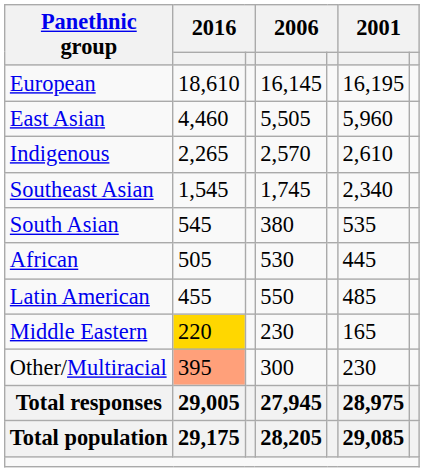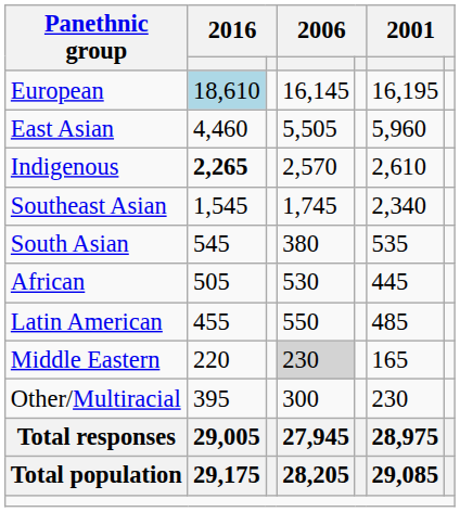 <table class="wikitable sortable">
 <tr>
 <th rowspan="2"><a href='#'>Panethnic</a><br>group</th>
 <th colspan="2">2016</th>
 <th colspan="2">2006</th>
 <th colspan="2">2001</th>
 </tr>
 <tr>
 <th><a href='#'></a></th>
 <th></th>
 <th></th>
 <th></th>
 <th></th>
 <th></th>
 </tr>
 <tr>
 <td><a href='#'>European</a></td>
-<td>18,610</td>
+<td style="background: lightblue;">18,610</td>
 <td></td>
 <td>16,145</td>
 <td></td>
 <td>16,195</td>
 <td></td>
 </tr>
 <tr>
 <td><a href='#'>East Asian</a></td>
 <td>4,460</td>
 <td></td>
 <td>5,505</td>
 <td></td>
 <td>5,960</td>
 <td></td>
 </tr>
 <tr>
 <td><a href='#'>Indigenous</a></td>
-<td>2,265</td>
+<td><strong>2,265</strong></td>
 <td></td>
 <td>2,570</td>
 <td></td>
 <td>2,610</td>
 <td></td>
 </tr>
 <tr>
 <td><a href='#'>Southeast Asian</a></td>
 <td>1,545</td>
 <td></td>
 <td>1,745</td>
 <td></td>
 <td>2,340</td>
 <td></td>
 </tr>
 <tr>
 <td><a href='#'>South Asian</a></td>
 <td>545</td>
 <td></td>
 <td>380</td>
 <td></td>
 <td>535</td>
 <td></td>
 </tr>
 <tr>
 <td><a href='#'>African</a></td>
 <td>505</td>
 <td></td>
 <td>530</td>
 <td></td>
 <td>445</td>
 <td></td>
 </tr>
 <tr>
 <td><a href='#'>Latin American</a></td>
 <td>455</td>
 <td></td>
 <td>550</td>
 <td></td>
 <td>485</td>
 <td></td>
 </tr>
 <tr>
 <td><a href='#'>Middle Eastern</a></td>
-<td style="background: gold;">220</td>
+<td>220</td>
 <td></td>
-<td>230</td>
+<td style="background: lightgrey;">230</td>
 <td></td>
 <td>165</td>
 <td></td>
 </tr>
 <tr>
 <td>Other/<a href='#'>Multiracial</a></td>
-<td style="background: lightsalmon;">395</td>
+<td>395</td>
 <td></td>
 <td>300</td>
 <td></td>
 <td>230</td>
 <td></td>
 </tr>
 <tr>
 <th>Total responses</th>
 <th>29,005</th>
 <th></th>
 <th>27,945</th>
 <th></th>
 <th>28,975</th>
 <th></th>
 </tr>
 <tr>
 <th>Total population</th>
 <th>29,175</th>
 <th></th>
 <th>28,205</th>
 <th></th>
 <th>29,085</th>
 <th></th>
 </tr>
 <tr class="sortbottom">
 <td colspan="10"></td>
 </tr>
 </table>
